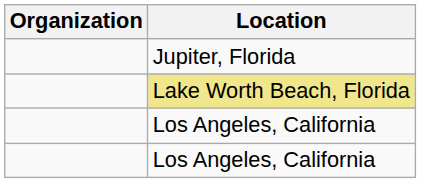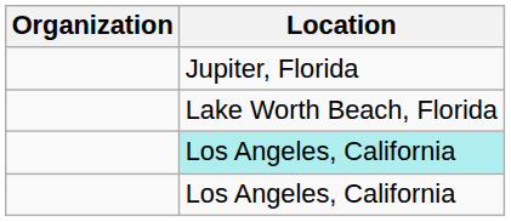 <table class="wikitable">
 <tr>
 <th>Organization</th>
 <th>Location</th>
 </tr>
 <tr>
 <td></td>
 <td>Jupiter, Florida</td>
 </tr>
 <tr>
 <td></td>
-<td style="background: khaki;">Lake Worth Beach, Florida</td>
+<td>Lake Worth Beach, Florida</td>
 </tr>
 <tr>
 <td></td>
-<td>Los Angeles, California</td>
+<td style="background: paleturquoise;">Los Angeles, California</td>
 </tr>
 <tr>
 <td></td>
 <td>Los Angeles, California</td>
 </tr>
 </table>
